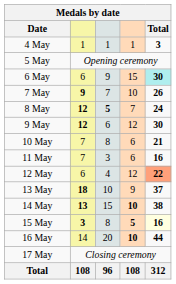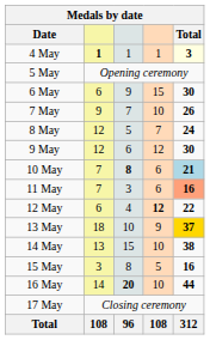 <table class="wikitable" style="font-size:90%; text-align:center;">
 <tr style="background:#efefef;">
 <th colspan=6><strong>Medals by date</strong></th>
 </tr>
 <tr>
 <th width=90><strong>Date</strong></th>
 <th width=30 style="background:#F7F6A8;"></th>
 <th width=30 style="background:#DCE5E5;"></th>
 <th width=30 style="background:#FFDAB9;"></th>
 <th width=30><strong>Total</strong></th>
 </tr>
 <tr>
 <td>4 May</td>
-<td style="background:#F7F6A8;">1</td>
+<td style="background:#F7F6A8;"><strong>1</strong></td>
 <td style="background:#DCE5E5;">1</td>
 <td style="background:#FFDAB9;">1</td>
-<td><strong>3</strong></td>
+<td style="background: lightyellow;"><strong>3</strong></td>
 </tr>
 <tr>
 <td>5 May</td>
 <td colspan="4" style="text-align:left center ;"> <em>Opening ceremony</em></td>
 </tr>
 <tr>
 <td>6 May</td>
 <td style="background:#F7F6A8;">6</td>
 <td style="background:#DCE5E5;">9</td>
 <td style="background:#FFDAB9;">15</td>
-<td style="background: paleturquoise;"><strong>30</strong></td>
+<td><strong>30</strong></td>
 </tr>
 <tr>
 <td>7 May</td>
-<td style="background:#F7F6A8;"><strong>9</strong></td>
+<td style="background:#F7F6A8;">9</td>
 <td style="background:#DCE5E5;">7</td>
 <td style="background:#FFDAB9;">10</td>
 <td><strong>26</strong></td>
 </tr>
 <tr>
 <td>8 May</td>
-<td style="background:#F7F6A8;"><strong>12</strong></td>
-<td style="background:#DCE5E5;"><strong>5</strong></td>
+<td style="background:#F7F6A8;">12</td>
+<td style="background:#DCE5E5;">5</td>
 <td style="background:#FFDAB9;">7</td>
 <td><strong>24</strong></td>
 </tr>
 <tr>
 <td>9 May</td>
-<td style="background:#F7F6A8;"><strong>12</strong></td>
+<td style="background:#F7F6A8;">12</td>
 <td style="background:#DCE5E5;">6</td>
 <td style="background:#FFDAB9;">12</td>
 <td><strong>30</strong></td>
 </tr>
 <tr>
 <td>10 May</td>
 <td style="background:#F7F6A8;">7</td>
-<td style="background:#DCE5E5;">8</td>
+<td style="background:#DCE5E5;"><strong>8</strong></td>
 <td style="background:#FFDAB9;">6</td>
-<td><strong>21</strong></td>
+<td style="background: lightblue;"><strong>21</strong></td>
 </tr>
 <tr>
 <td>11 May</td>
 <td style="background:#F7F6A8;">7</td>
 <td style="background:#DCE5E5;">3</td>
 <td style="background:#FFDAB9;">6</td>
-<td><strong>16</strong></td>
+<td style="background: lightsalmon;"><strong>16</strong></td>
 </tr>
 <tr>
 <td>12 May</td>
 <td style="background:#F7F6A8;">6</td>
 <td style="background:#DCE5E5;">4</td>
-<td style="background:#FFDAB9;">12</td>
-<td style="background: lightsalmon;"><strong>22</strong></td>
+<td style="background:#FFDAB9;"><strong>12</strong></td>
+<td><strong>22</strong></td>
 </tr>
 <tr>
 <td>13 May</td>
-<td style="background:#F7F6A8;"><strong>18</strong></td>
+<td style="background:#F7F6A8;">18</td>
 <td style="background:#DCE5E5;">10</td>
 <td style="background:#FFDAB9;">9</td>
-<td><strong>37</strong></td>
+<td style="background: gold;"><strong>37</strong></td>
 </tr>
 <tr>
 <td>14 May</td>
-<td style="background:#F7F6A8;"><strong>13</strong></td>
+<td style="background:#F7F6A8;">13</td>
 <td style="background:#DCE5E5;">15</td>
-<td style="background:#FFDAB9;"><strong>10</strong></td>
+<td style="background:#FFDAB9;">10</td>
 <td><strong>38</strong></td>
 </tr>
 <tr>
 <td>15 May</td>
-<td style="background:#F7F6A8;"><strong>3</strong></td>
+<td style="background:#F7F6A8;">3</td>
 <td style="background:#DCE5E5;">8</td>
-<td style="background:#FFDAB9;"><strong>5</strong></td>
-<td style="background: lightyellow;"><strong>16</strong></td>
+<td style="background:#FFDAB9;">5</td>
+<td><strong>16</strong></td>
 </tr>
 <tr>
 <td>16 May</td>
 <td style="background:#F7F6A8;">14</td>
-<td style="background:#DCE5E5;">20</td>
-<td style="background:#FFDAB9;"><strong>10</strong></td>
+<td style="background:#DCE5E5;"><strong>20</strong></td>
+<td style="background:#FFDAB9;">10</td>
 <td><strong>44</strong></td>
 </tr>
 <tr>
 <td>17 May</td>
 <td colspan="4"> <em>Closing ceremony</em></td>
 </tr>
 <tr class="sortbottom">
 <th><strong>Total</strong></th>
 <th><strong>108</strong></th>
 <th><strong>96</strong></th>
 <th><strong>108</strong></th>
 <th><strong>312</strong></th>
 </tr>
 </table>
